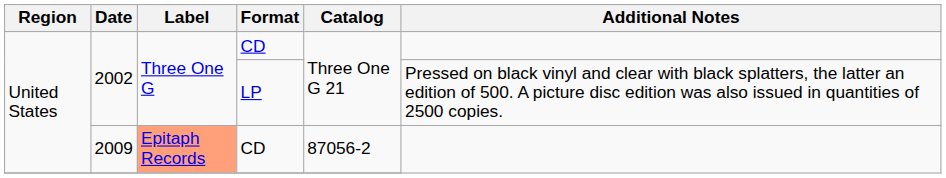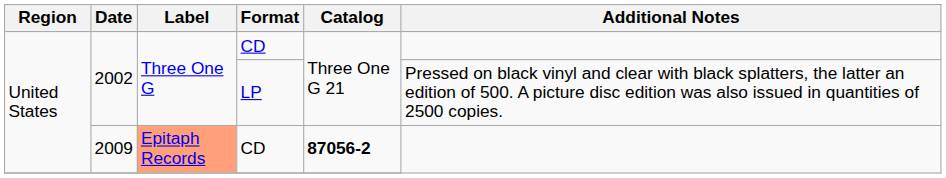 <table class="wikitable">
 <tr>
 <th>Region</th>
 <th>Date</th>
 <th>Label</th>
 <th>Format</th>
 <th>Catalog</th>
 <th>Additional Notes</th>
 </tr>
 <tr>
 <td rowspan="3">United States</td>
 <td rowspan="2">2002</td>
 <td rowspan="2"><a href='#'>Three One G</a></td>
 <td><a href='#'>CD</a></td>
 <td rowspan="2">Three One G 21</td>
 </tr>
 <tr>
 <td><a href='#'>LP</a></td>
 <td>Pressed on black vinyl and clear with black splatters, the latter an edition of 500. A picture disc edition was also issued in quantities of 2500 copies.</td>
 </tr>
 <tr>
 <td>2009</td>
 <td style="background: lightsalmon;"><a href='#'>Epitaph Records</a></td>
 <td>CD</td>
-<td>87056-2</td>
+<td><strong>87056-2</strong></td>
 </tr>
 <tr>
 </tr>
 </table>
